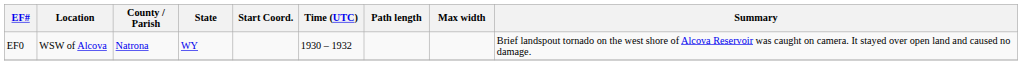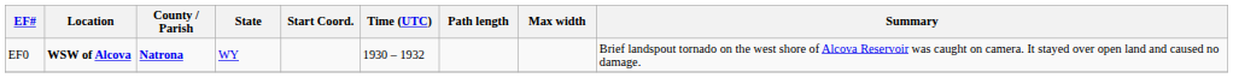 <table class="wikitable sortable" style="width:100%;">
 <tr>
 <th scope="col" width="3%" align="center"><a href='#'>EF#</a></th>
 <th scope="col" width="7%" align="center" class="unsortable">Location</th>
 <th scope="col" width="6%" align="center" class="unsortable">County / Parish</th>
 <th scope="col" width="5%" align="center">State</th>
 <th scope="col" width="6%" align="center">Start Coord.</th>
 <th scope="col" width="6%" align="center">Time (<a href='#'>UTC</a>)</th>
 <th scope="col" width="6%" align="center">Path length</th>
 <th scope="col" width="6%" align="center">Max width</th>
 <th scope="col" width="48%" class="unsortable" align="center">Summary</th>
 </tr>
 <tr>
 <td>EF0</td>
-<td>WSW of <a href='#'>Alcova</a></td>
-<td><a href='#'>Natrona</a></td>
+<td><strong>WSW of <a href='#'>Alcova</a></strong></td>
+<td><strong><a href='#'>Natrona</a></strong></td>
 <td><a href='#'>WY</a></td>
 <td></td>
 <td>1930 – 1932</td>
 <td></td>
 <td></td>
 <td>Brief landspout tornado on the west shore of <a href='#'>Alcova Reservoir</a> was caught on camera. It stayed over open land and caused no damage.</td>
 </tr>
 <tr>
 </tr>
 </table>
